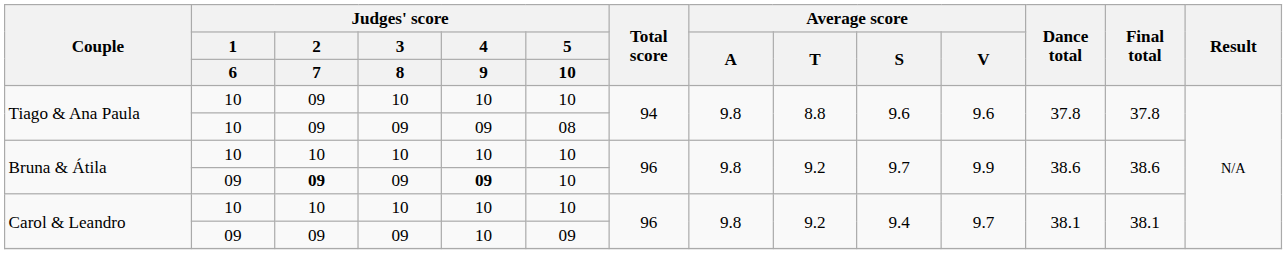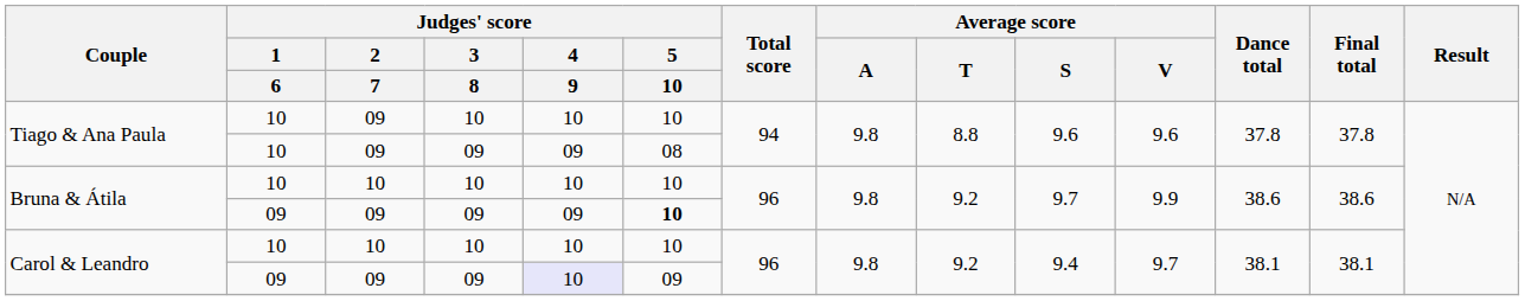 <table class="wikitable" style="font-size:90%; line-height:16px; text-align:center" width="85%">
 <tr>
 <th rowspan=3 width=150>Couple</th>
 <th colspan=5 width=185>Judges' score</th>
 <th rowspan=3 width=060>Total score</th>
 <th colspan=4 width=148>Average score</th>
 <th rowspan=3 width=060>Dance total</th>
 <th rowspan=3 width=060>Final total</th>
 <th rowspan=3 width=075>Result</th>
 </tr>
 <tr>
 <th>1</th>
 <th>2</th>
 <th>3</th>
 <th>4</th>
 <th>5</th>
 <th rowspan=2>A</th>
 <th rowspan=2>T</th>
 <th rowspan=2>S</th>
 <th rowspan=2>V</th>
 </tr>
 <tr>
 <th>6</th>
 <th>7</th>
 <th>8</th>
 <th>9</th>
 <th>10</th>
 </tr>
 <tr>
 <td rowspan=2 align="left">Tiago & Ana Paula</td>
 <td>10</td>
 <td>09</td>
 <td>10</td>
 <td>10</td>
 <td>10</td>
 <td rowspan=2>94</td>
 <td rowspan=2>9.8</td>
 <td rowspan=2>8.8</td>
 <td rowspan=2>9.6</td>
 <td rowspan=2>9.6</td>
 <td rowspan=2>37.8</td>
 <td rowspan=2>37.8</td>
 <td rowspan=6><small>N/A</small></td>
 </tr>
 <tr>
 <td>10</td>
 <td>09</td>
 <td>09</td>
 <td>09</td>
 <td>08</td>
 </tr>
 <tr>
 <td rowspan=2 align="left">Bruna & Átila</td>
 <td>10</td>
 <td>10</td>
 <td>10</td>
 <td>10</td>
 <td>10</td>
 <td rowspan=2>96</td>
 <td rowspan=2>9.8</td>
 <td rowspan=2>9.2</td>
 <td rowspan=2>9.7</td>
 <td rowspan=2>9.9</td>
 <td rowspan=2>38.6</td>
 <td rowspan=2>38.6</td>
 </tr>
 <tr>
 <td>09</td>
-<td><strong>09</strong></td>
 <td>09</td>
-<td><strong>09</strong></td>
-<td>10</td>
+<td>09</td>
+<td>09</td>
+<td><strong>10</strong></td>
 </tr>
 <tr>
 <td rowspan=2 align="left">Carol & Leandro</td>
 <td>10</td>
 <td>10</td>
 <td>10</td>
 <td>10</td>
 <td>10</td>
 <td rowspan=2>96</td>
 <td rowspan=2>9.8</td>
 <td rowspan=2>9.2</td>
 <td rowspan=2>9.4</td>
 <td rowspan=2>9.7</td>
 <td rowspan=2>38.1</td>
 <td rowspan=2>38.1</td>
 </tr>
 <tr>
 <td>09</td>
 <td>09</td>
 <td>09</td>
-<td>10</td>
+<td style="background: lavender;">10</td>
 <td>09</td>
 </tr>
 <tr>
 </tr>
 </table>
